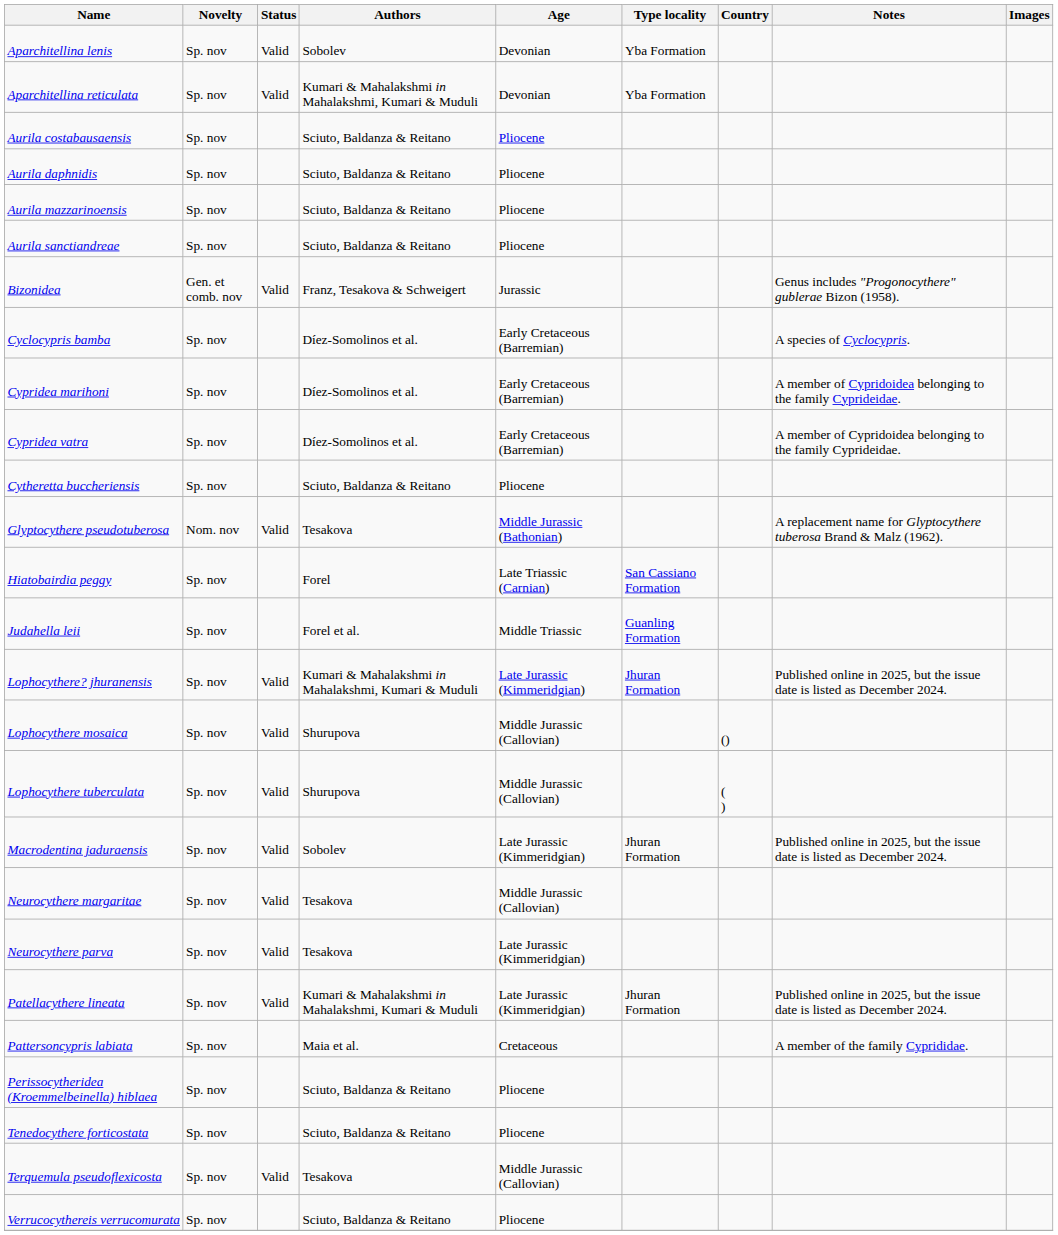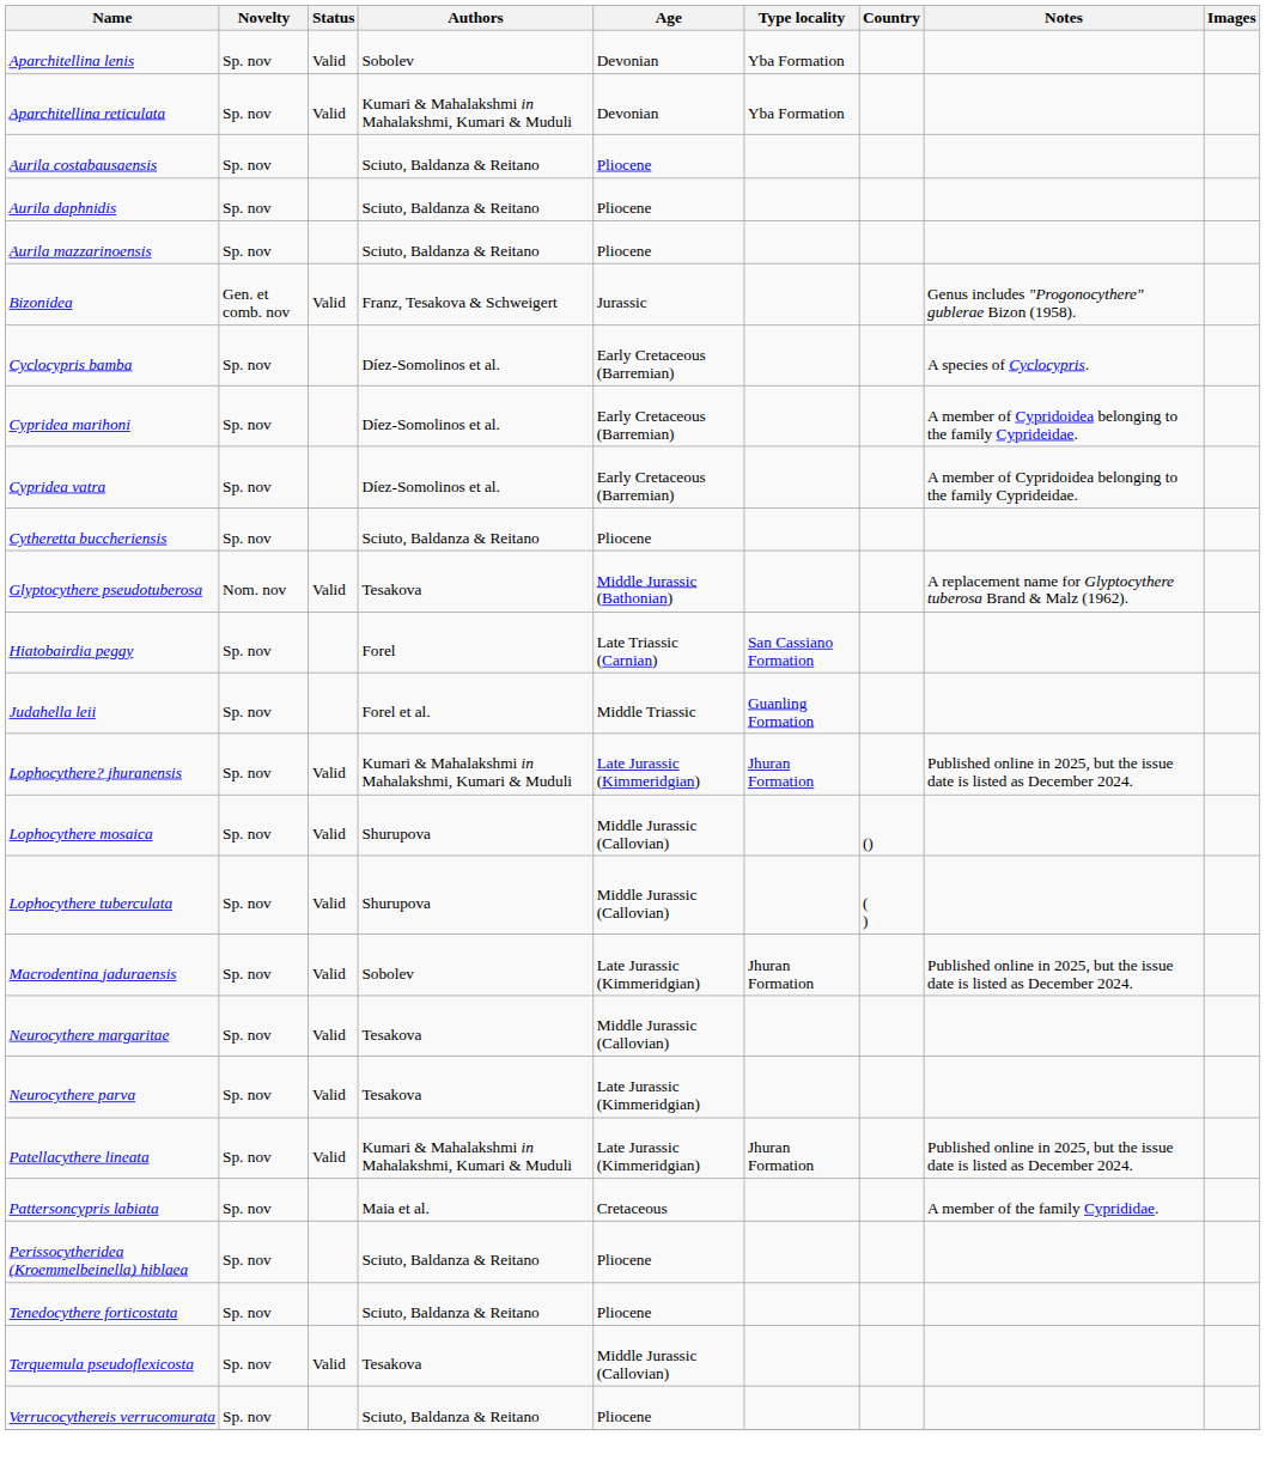 <table class="wikitable sortable" align="center" width="100%">
 <tr>
 <th>Name</th>
 <th>Novelty</th>
 <th>Status</th>
 <th>Authors</th>
 <th>Age</th>
 <th>Type locality</th>
 <th>Country</th>
 <th>Notes</th>
 <th>Images</th>
 </tr>
 <tr>
 <td><br><em><a href='#'>Aparchitellina lenis</a></em></td>
 <td><br>Sp. nov</td>
 <td><br>Valid</td>
 <td><br>Sobolev</td>
 <td><br>Devonian</td>
 <td><br>Yba Formation</td>
 <td><br></td>
 <td></td>
 <td></td>
 </tr>
 <tr>
 <td><br><em><a href='#'>Aparchitellina reticulata</a></em></td>
 <td><br>Sp. nov</td>
 <td><br>Valid</td>
 <td><br>Kumari & Mahalakshmi <em>in</em> Mahalakshmi, Kumari & Muduli</td>
 <td><br>Devonian</td>
 <td><br>Yba Formation</td>
 <td><br></td>
 <td></td>
 <td></td>
 </tr>
 <tr>
 <td><br><em><a href='#'>Aurila costabausaensis</a></em></td>
 <td><br>Sp. nov</td>
 <td></td>
 <td><br>Sciuto, Baldanza & Reitano</td>
 <td><br><a href='#'>Pliocene</a></td>
 <td></td>
 <td><br></td>
 <td></td>
 <td></td>
 </tr>
 <tr>
 <td><br><em><a href='#'>Aurila daphnidis</a></em></td>
 <td><br>Sp. nov</td>
 <td></td>
 <td><br>Sciuto, Baldanza & Reitano</td>
 <td><br>Pliocene</td>
 <td></td>
 <td><br></td>
 <td></td>
 <td></td>
 </tr>
 <tr>
 <td><br><em><a href='#'>Aurila mazzarinoensis</a></em></td>
-<td><br>Sp. nov</td>
-<td></td>
-<td><br>Sciuto, Baldanza & Reitano</td>
-<td><br>Pliocene</td>
-<td></td>
-<td><br></td>
-<td></td>
-<td></td>
-</tr>
-<tr>
-<td><br><em><a href='#'>Aurila sanctiandreae</a></em></td>
 <td><br>Sp. nov</td>
 <td></td>
 <td><br>Sciuto, Baldanza & Reitano</td>
 <td><br>Pliocene</td>
 <td></td>
 <td><br></td>
 <td></td>
 <td></td>
 </tr>
 <tr>
 <td><br><em><a href='#'>Bizonidea</a></em></td>
 <td><br>Gen. et comb. nov</td>
 <td><br>Valid</td>
 <td><br>Franz, Tesakova & Schweigert</td>
 <td><br>Jurassic</td>
 <td></td>
 <td><br><br> </td>
 <td><br>Genus includes <em>"Progonocythere" gublerae</em> Bizon (1958).</td>
 <td></td>
 </tr>
 <tr>
 <td><br><em><a href='#'>Cyclocypris bamba</a></em></td>
 <td><br>Sp. nov</td>
 <td></td>
 <td><br>Díez-Somolinos et al.</td>
 <td><br>Early Cretaceous (Barremian)</td>
 <td></td>
 <td><br></td>
 <td><br>A species of <em><a href='#'>Cyclocypris</a></em>.</td>
 <td></td>
 </tr>
 <tr>
 <td><br><em><a href='#'>Cypridea marihoni</a></em></td>
 <td><br>Sp. nov</td>
 <td></td>
 <td><br>Díez-Somolinos et al.</td>
 <td><br>Early Cretaceous (Barremian)</td>
 <td></td>
 <td><br></td>
 <td><br>A member of <a href='#'>Cypridoidea</a> belonging to the family <a href='#'>Cyprideidae</a>.</td>
 <td></td>
 </tr>
 <tr>
 <td><br><em><a href='#'>Cypridea vatra</a></em></td>
 <td><br>Sp. nov</td>
 <td></td>
 <td><br>Díez-Somolinos et al.</td>
 <td><br>Early Cretaceous (Barremian)</td>
 <td></td>
 <td><br></td>
 <td><br>A member of Cypridoidea belonging to the family Cyprideidae.</td>
 <td></td>
 </tr>
 <tr>
 <td><br><em><a href='#'>Cytheretta buccheriensis</a></em></td>
 <td><br>Sp. nov</td>
 <td></td>
 <td><br>Sciuto, Baldanza & Reitano</td>
 <td><br>Pliocene</td>
 <td></td>
 <td><br></td>
 <td></td>
 <td></td>
 </tr>
 <tr>
 <td><br><em><a href='#'>Glyptocythere pseudotuberosa</a></em></td>
 <td><br>Nom. nov</td>
 <td><br>Valid</td>
 <td><br>Tesakova</td>
 <td><br><a href='#'>Middle Jurassic</a> (<a href='#'>Bathonian</a>)</td>
 <td></td>
 <td><br></td>
 <td><br>A replacement name for <em>Glyptocythere tuberosa</em> Brand & Malz (1962).</td>
 <td></td>
 </tr>
 <tr>
 <td><br><em><a href='#'>Hiatobairdia peggy</a></em></td>
 <td><br>Sp. nov</td>
 <td></td>
 <td><br>Forel</td>
 <td><br>Late Triassic (<a href='#'>Carnian</a>)</td>
 <td><br><a href='#'>San Cassiano Formation</a></td>
 <td><br></td>
 <td></td>
 <td></td>
 </tr>
 <tr>
 <td><br><em><a href='#'>Judahella leii</a></em></td>
 <td><br>Sp. nov</td>
 <td></td>
 <td><br>Forel et al.</td>
 <td><br>Middle Triassic</td>
 <td><br><a href='#'>Guanling Formation</a></td>
 <td><br></td>
 <td></td>
 <td></td>
 </tr>
 <tr>
 <td><br><em><a href='#'>Lophocythere? jhuranensis</a></em></td>
 <td><br>Sp. nov</td>
 <td><br>Valid</td>
 <td><br>Kumari & Mahalakshmi <em>in</em> Mahalakshmi, Kumari & Muduli</td>
 <td><br><a href='#'>Late Jurassic</a> (<a href='#'>Kimmeridgian</a>)</td>
 <td><br><a href='#'>Jhuran Formation</a></td>
 <td><br></td>
 <td><br>Published online in 2025, but the issue date is listed as December 2024.</td>
 <td></td>
 </tr>
 <tr>
 <td><br><em><a href='#'>Lophocythere mosaica</a></em></td>
 <td><br>Sp. nov</td>
 <td><br>Valid</td>
 <td><br>Shurupova</td>
 <td><br>Middle Jurassic (Callovian)</td>
 <td></td>
 <td><br><br>()</td>
 <td></td>
 <td></td>
 </tr>
 <tr>
 <td><br><em><a href='#'>Lophocythere tuberculata</a></em></td>
 <td><br>Sp. nov</td>
 <td><br>Valid</td>
 <td><br>Shurupova</td>
 <td><br>Middle Jurassic (Callovian)</td>
 <td></td>
 <td><br><br>(<br>)</td>
 <td></td>
 <td></td>
 </tr>
 <tr>
 <td><br><em><a href='#'>Macrodentina jaduraensis</a></em></td>
 <td><br>Sp. nov</td>
 <td><br>Valid</td>
 <td><br>Sobolev</td>
 <td><br>Late Jurassic (Kimmeridgian)</td>
 <td><br>Jhuran Formation</td>
 <td><br></td>
 <td><br>Published online in 2025, but the issue date is listed as December 2024.</td>
 <td></td>
 </tr>
 <tr>
 <td><br><em><a href='#'>Neurocythere margaritae</a></em></td>
 <td><br>Sp. nov</td>
 <td><br>Valid</td>
 <td><br>Tesakova</td>
 <td><br>Middle Jurassic (Callovian)</td>
 <td></td>
 <td><br></td>
 <td></td>
 <td></td>
 </tr>
 <tr>
 <td><br><em><a href='#'>Neurocythere parva</a></em></td>
 <td><br>Sp. nov</td>
 <td><br>Valid</td>
 <td><br>Tesakova</td>
 <td><br>Late Jurassic (Kimmeridgian)</td>
 <td></td>
 <td><br></td>
 <td></td>
 <td></td>
 </tr>
 <tr>
 <td><br><em><a href='#'>Patellacythere lineata</a></em></td>
 <td><br>Sp. nov</td>
 <td><br>Valid</td>
 <td><br>Kumari & Mahalakshmi <em>in</em> Mahalakshmi, Kumari & Muduli</td>
 <td><br>Late Jurassic (Kimmeridgian)</td>
 <td><br>Jhuran Formation</td>
 <td><br></td>
 <td><br>Published online in 2025, but the issue date is listed as December 2024.</td>
 <td></td>
 </tr>
 <tr>
 <td><br><em><a href='#'>Pattersoncypris labiata</a></em></td>
 <td><br>Sp. nov</td>
 <td></td>
 <td><br>Maia et al.</td>
 <td><br>Cretaceous</td>
 <td></td>
 <td></td>
 <td><br>A member of the family <a href='#'>Cyprididae</a>.</td>
 <td></td>
 </tr>
 <tr>
 <td><br><em><a href='#'>Perissocytheridea (Kroemmelbeinella) hiblaea</a></em></td>
 <td><br>Sp. nov</td>
 <td></td>
 <td><br>Sciuto, Baldanza & Reitano</td>
 <td><br>Pliocene</td>
 <td></td>
 <td><br></td>
 <td></td>
 <td></td>
 </tr>
 <tr>
 <td><br><em><a href='#'>Tenedocythere forticostata</a></em></td>
 <td><br>Sp. nov</td>
 <td></td>
 <td><br>Sciuto, Baldanza & Reitano</td>
 <td><br>Pliocene</td>
 <td></td>
 <td><br></td>
 <td></td>
 <td></td>
 </tr>
 <tr>
 <td><br><em><a href='#'>Terquemula pseudoflexicosta</a></em></td>
 <td><br>Sp. nov</td>
 <td><br>Valid</td>
 <td><br>Tesakova</td>
 <td><br>Middle Jurassic (Callovian)</td>
 <td></td>
 <td><br></td>
 <td></td>
 <td></td>
 </tr>
 <tr>
 <td><br><em><a href='#'>Verrucocythereis verrucomurata</a></em></td>
 <td><br>Sp. nov</td>
 <td></td>
 <td><br>Sciuto, Baldanza & Reitano</td>
 <td><br>Pliocene</td>
 <td></td>
 <td><br></td>
 <td></td>
 <td></td>
 </tr>
 <tr>
 </tr>
 </table>
